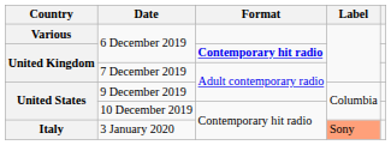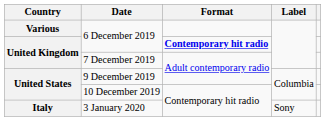 <table class="wikitable plainrowheaders" border="1">
 <tr>
 <th scope="col">Country</th>
 <th scope="col">Date</th>
 <th scope="col">Format</th>
 <th scope="col">Label</th>
 <th scope="col"></th>
 </tr>
 <tr>
 <th scope="row">Various</th>
 <td rowspan="2">6 December 2019</td>
 <td></td>
 <td rowspan="3"></td>
 <td></td>
 </tr>
 <tr>
 <th scope="row" rowspan="2">United Kingdom</th>
 <td><strong><a href='#'>Contemporary hit radio</a></strong></td>
 <td></td>
 </tr>
 <tr>
 <td>7 December 2019</td>
 <td rowspan="2"><a href='#'>Adult contemporary radio</a></td>
 <td></td>
 </tr>
 <tr>
 <th rowspan="2" scope="row">United States</th>
 <td>9 December 2019</td>
 <td rowspan="2">Columbia</td>
 <td></td>
 </tr>
 <tr>
 <td>10 December 2019</td>
 <td rowspan="2">Contemporary hit radio</td>
 <td></td>
 </tr>
 <tr>
 <th scope="row">Italy</th>
 <td>3 January 2020</td>
-<td style="background: lightsalmon;">Sony</td>
+<td>Sony</td>
 <td></td>
 </tr>
 </table>
